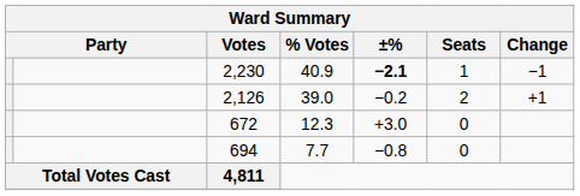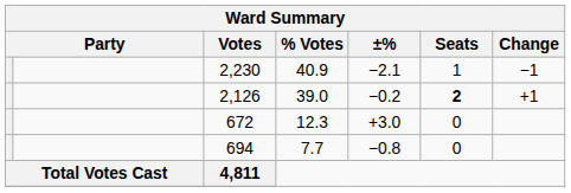 <table class="wikitable" style="font-size: 95%;">
 <tr>
 <th colspan="7">Ward Summary</th>
 </tr>
 <tr>
 <th colspan="2">Party</th>
 <th style="width: 60px">Votes</th>
 <th style="width: 60px">% Votes</th>
 <th style="width: 60px">±%</th>
 <th style="width: 60px">Seats</th>
 <th style="width: 60px">Change</th>
 </tr>
 <tr>
 <th style="background-color: "></th>
 <td style="width: 170px"><a href='#'></a></td>
 <td align="center">2,230</td>
 <td align="center">40.9</td>
-<td align="center"><strong>−2.1</strong></td>
+<td align="center">−2.1</td>
 <td align="center">1</td>
 <td align="center">−1</td>
 </tr>
 <tr>
 <th style="background-color: "></th>
 <td style="width: 170px"><a href='#'></a></td>
 <td align="center">2,126</td>
 <td align="center">39.0</td>
 <td align="center">−0.2</td>
-<td align="center">2</td>
+<td align="center"><strong>2</strong></td>
 <td align="center">+1</td>
 </tr>
 <tr>
 <th style="background-color: "></th>
 <td style="width: 170px"><a href='#'></a></td>
 <td align="center">672</td>
 <td align="center">12.3</td>
 <td align="center">+3.0</td>
 <td align="center">0</td>
 <td align="center"></td>
 </tr>
 <tr>
 <th style="background-color: "></th>
 <td style="width: 170px"><a href='#'></a></td>
 <td align="center">694</td>
 <td align="center">7.7</td>
 <td align="center">−0.8</td>
 <td align="center">0</td>
 <td align="center"></td>
 </tr>
 <tr style="background-color:#E9E9E9">
 <th colspan="2">Total Votes Cast</th>
 <th style="width: 60px">4,811</th>
 </tr>
 <tr style="background-color:#E9E9E9">
 </tr>
 </table>
